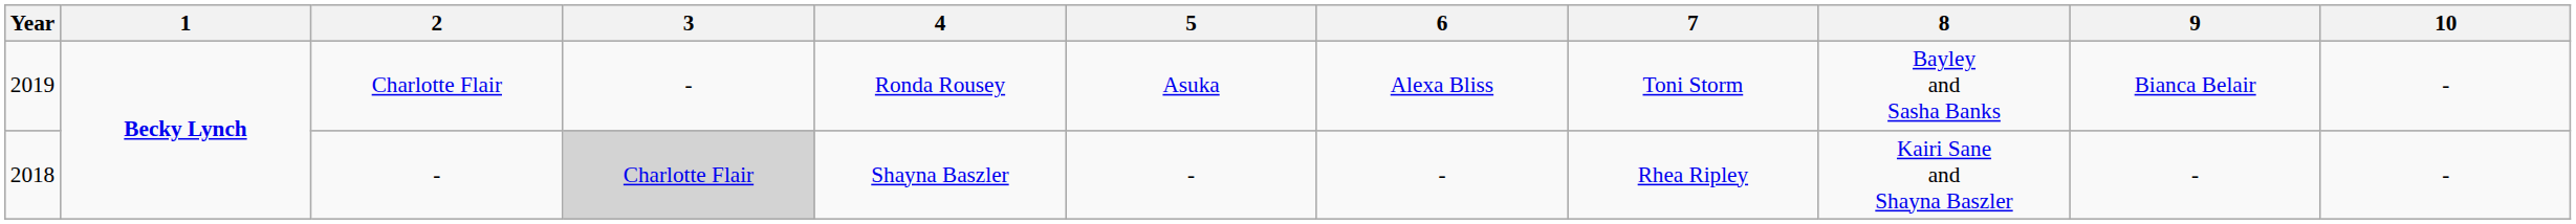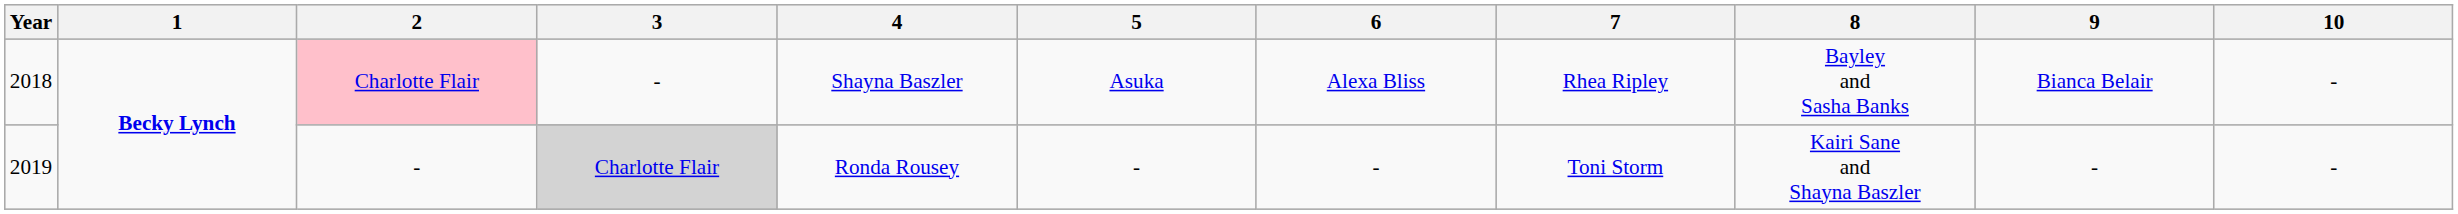 <table class="wikitable" style="font-size:85%; text-align: center">
 <tr>
 <th>Year</th>
 <th width="10%">1</th>
 <th width="10%">2</th>
 <th width="10%">3</th>
 <th width="10%">4</th>
 <th width="10%">5</th>
 <th width="10%">6</th>
 <th width="10%">7</th>
 <th width="10%">8</th>
 <th width="10%">9</th>
 <th width="10%">10</th>
 </tr>
 <tr>
-<td>2019</td>
+<td>2018</td>
 <td rowspan=2><strong><a href='#'>Becky Lynch</a></strong></td>
-<td><a href='#'>Charlotte Flair</a></td>
+<td style="background: pink;"><a href='#'>Charlotte Flair</a></td>
 <td>-</td>
-<td><a href='#'>Ronda Rousey</a></td>
+<td><a href='#'>Shayna Baszler</a></td>
 <td><a href='#'>Asuka</a></td>
 <td><a href='#'>Alexa Bliss</a></td>
-<td><a href='#'>Toni Storm</a></td>
+<td><a href='#'>Rhea Ripley</a></td>
 <td><a href='#'>Bayley</a><br>and<br><a href='#'>Sasha Banks</a></td>
 <td><a href='#'>Bianca Belair</a></td>
 <td>-</td>
 </tr>
 <tr>
-<td>2018</td>
+<td>2019</td>
 <td>-</td>
 <td style="background: lightgrey;"><a href='#'>Charlotte Flair</a></td>
-<td><a href='#'>Shayna Baszler</a></td>
+<td><a href='#'>Ronda Rousey</a></td>
 <td>-</td>
 <td>-</td>
-<td><a href='#'>Rhea Ripley</a></td>
+<td><a href='#'>Toni Storm</a></td>
 <td><a href='#'>Kairi Sane</a><br>and<br><a href='#'>Shayna Baszler</a></td>
 <td>-</td>
 <td>-</td>
 </tr>
 </table>
